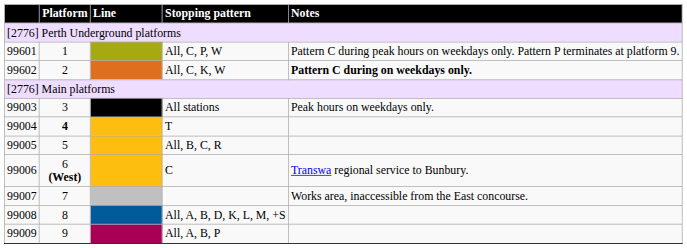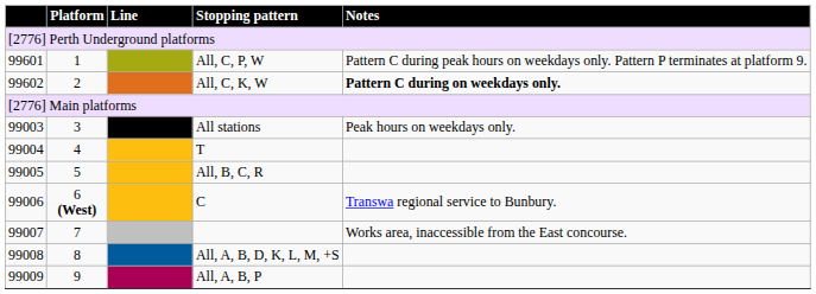 <table class="wikitable" style="float: none; margin-center: 1em; margin-bottom: 0.5em; border: black solid 1px; text-align:center;">
 <tr style="color:#FFFFFF;">
 <th style="background:#000000; text-align:left;"></th>
 <th style="background:#000000; text-align:left;">Platform</th>
 <th style="background:#000000; text-align:left; width:90px;">Line</th>
 <th style="background:#000000; text-align:left;">Stopping pattern</th>
 <th style="background:#000000; text-align:left;">Notes</th>
 </tr>
 <tr>
 <td colspan="5" style="background:#EDF; text-align:left;">[2776] Perth Underground platforms</td>
 </tr>
 <tr>
 <td>99601</td>
 <td>1</td>
 <td style="color:white; background:#A6AA12;"><strong><a href='#'></a></strong></td>
 <td style="text-align:left;">All, C, P, W</td>
 <td style="text-align:left;">Pattern C during peak hours on weekdays only. Pattern P terminates at platform 9.</td>
 </tr>
 <tr>
 <td>99602</td>
 <td>2</td>
 <td style="color:white; background:#E06F1D;"><strong><a href='#'></a></strong></td>
 <td style="text-align:left;">All, C, K, W</td>
 <td style="text-align:left;"><strong>Pattern C during on weekdays only.</strong></td>
 </tr>
 <tr>
 <td colspan="5" style="background:#EDF; text-align:left;">[2776] Main platforms</td>
 </tr>
 <tr>
 <td>99003</td>
 <td>3</td>
 <td style="color:#E0730E; background:#000000;"><strong><a href='#'></a></strong></td>
 <td style="text-align:left;">All stations</td>
 <td style="text-align:left;">Peak hours on weekdays only.</td>
 </tr>
 <tr>
 <td>99004</td>
-<td><strong>4</strong></td>
+<td>4</td>
 <td style="color:black; background:#FEBE10;"><strong><a href='#'></a></strong></td>
 <td style="text-align:left;">T</td>
 <td></td>
 </tr>
 <tr>
 <td>99005</td>
 <td>5</td>
 <td style="color:black; background:#FEBE10;"><strong><a href='#'></a></strong></td>
 <td style="text-align:left;">All, B, C, R</td>
 <td></td>
 </tr>
 <tr>
 <td>99006</td>
 <td>6<br><strong>(West)</strong></td>
 <td style="color:black; background:#FEBE10;"><strong><a href='#'></a></strong></td>
 <td style="text-align:left;">C</td>
 <td style="text-align:left;"><a href='#'>Transwa</a> regional service to Bunbury.</td>
 </tr>
 <tr>
 <td>99007</td>
 <td>7</td>
 <td style="background:silver;"></td>
 <td></td>
 <td style="text-align:left;">Works area, inaccessible from the East concourse.</td>
 </tr>
 <tr>
 <td>99008</td>
 <td>8</td>
 <td style="color:white; background:#005A9C;"><strong><a href='#'></a></strong></td>
 <td style="text-align:left;">All, A, B, D, K, L, M, +S</td>
 <td></td>
 </tr>
 <tr>
 <td>99009</td>
 <td>9</td>
 <td style="color:white; background:#A90056;"><strong><a href='#'></a></strong></td>
 <td style="text-align:left;">All, A, B, P</td>
 <td></td>
 </tr>
 <tr>
 </tr>
 </table>
